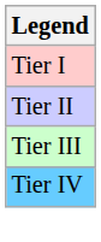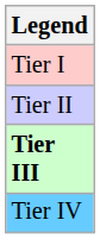 <table class="wikitable" style="font-size:85%;" width=8%>
 <tr>
 <th>Legend</th>
 </tr>
 <tr bgcolor="#ffcccc">
 <td>Tier I</td>
 </tr>
 <tr bgcolor="#ccccff">
 <td>Tier II</td>
 </tr>
 <tr bgcolor="#CCFFCC">
-<td>Tier III</td>
+<td><strong>Tier III</strong></td>
 </tr>
 <tr bgcolor="#66ccff">
 <td>Tier IV</td>
 </tr>
 </table>
